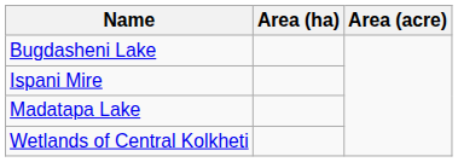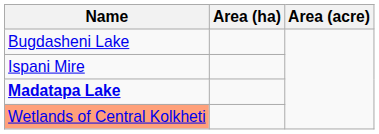 <table class="wikitable">
 <tr>
 <th scope="col" align=left>Name</th>
 <th scope="col">Area (ha)</th>
 <th scope="col">Area (acre)</th>
 </tr>
 <tr ---->
 <td><a href='#'>Bugdasheni Lake</a></td>
 <td></td>
 </tr>
 <tr ---->
 <td><a href='#'>Ispani Mire</a></td>
 <td></td>
 </tr>
 <tr ---->
-<td><a href='#'>Madatapa Lake</a></td>
+<td><strong><a href='#'>Madatapa Lake</a></strong></td>
 <td></td>
 </tr>
 <tr ---->
-<td><a href='#'>Wetlands of Central Kolkheti</a></td>
+<td style="background: lightsalmon;"><a href='#'>Wetlands of Central Kolkheti</a></td>
 <td></td>
 </tr>
 </table>
